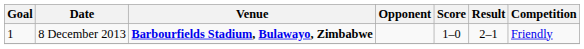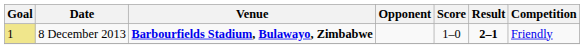 <table class="wikitable plainrowheaders sortable">
 <tr>
 <th>Goal</th>
 <th>Date</th>
 <th>Venue</th>
 <th>Opponent</th>
 <th>Score</th>
 <th>Result</th>
 <th>Competition</th>
 </tr>
 <tr>
-<td>1</td>
+<td style="background: khaki;">1</td>
 <td>8 December 2013</td>
 <td><strong><a href='#'>Barbourfields Stadium</a>, <a href='#'>Bulawayo</a>, Zimbabwe</strong></td>
 <td></td>
 <td align=center>1–0</td>
-<td align=center>2–1</td>
+<td align=center><strong>2–1</strong></td>
 <td><a href='#'>Friendly</a></td>
 </tr>
 <tr>
 </tr>
 </table>
